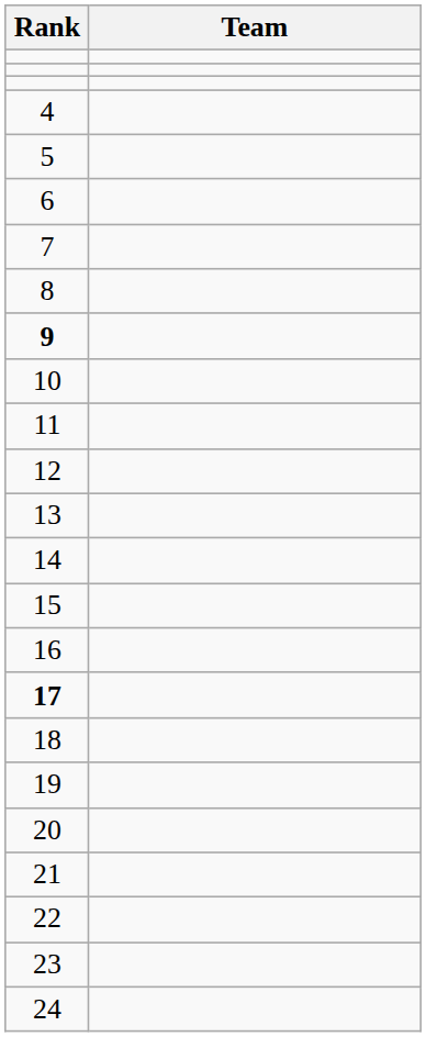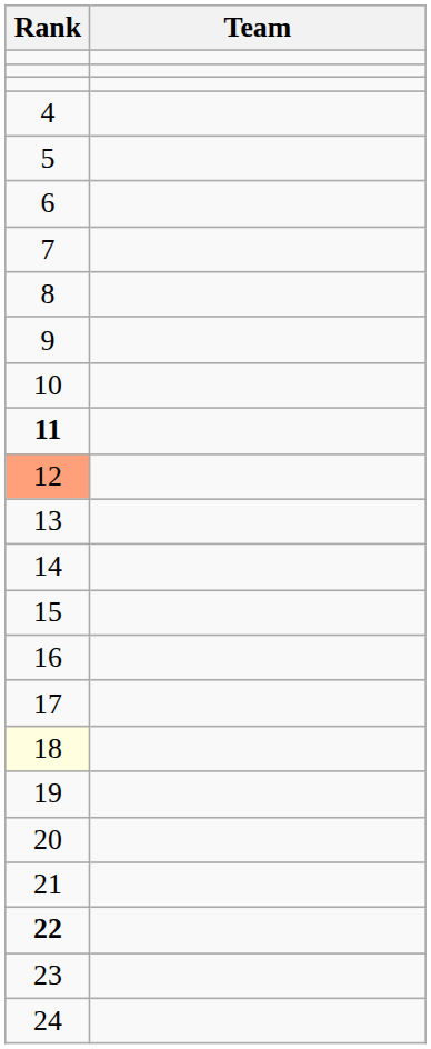 <table class="wikitable" style="text-align: center;">
 <tr>
 <th style="width: 40px;">Rank</th>
 <th style="width: 180px;">Team</th>
 </tr>
 <tr>
 <td></td>
 <td style="text-align: left;"></td>
 </tr>
 <tr>
 <td></td>
 <td style="text-align: left;"></td>
 </tr>
 <tr>
 <td></td>
 <td style="text-align: left;"></td>
 </tr>
 <tr>
 <td>4</td>
 <td style="text-align: left;"></td>
 </tr>
 <tr>
 <td>5</td>
 <td style="text-align: left;"></td>
 </tr>
 <tr>
 <td>6</td>
 <td style="text-align: left;"></td>
 </tr>
 <tr>
 <td>7</td>
 <td style="text-align: left;"></td>
 </tr>
 <tr>
 <td>8</td>
 <td style="text-align: left;"></td>
 </tr>
 <tr>
-<td><strong>9</strong></td>
+<td>9</td>
 <td style="text-align: left;"></td>
 </tr>
 <tr>
 <td>10</td>
 <td style="text-align: left;"></td>
 </tr>
 <tr>
-<td>11</td>
+<td><strong>11</strong></td>
 <td style="text-align: left;"></td>
 </tr>
 <tr>
-<td>12</td>
+<td style="background: lightsalmon;">12</td>
 <td style="text-align: left;"></td>
 </tr>
 <tr>
 <td>13</td>
 <td style="text-align: left;"></td>
 </tr>
 <tr>
 <td>14</td>
 <td style="text-align: left;"></td>
 </tr>
 <tr>
 <td>15</td>
 <td style="text-align: left;"></td>
 </tr>
 <tr>
 <td>16</td>
 <td style="text-align: left;"></td>
 </tr>
 <tr>
-<td><strong>17</strong></td>
+<td>17</td>
 <td style="text-align: left;"></td>
 </tr>
 <tr>
-<td>18</td>
+<td style="background: lightyellow;">18</td>
 <td style="text-align: left;"></td>
 </tr>
 <tr>
 <td>19</td>
 <td style="text-align: left;"></td>
 </tr>
 <tr>
 <td>20</td>
 <td style="text-align: left;"></td>
 </tr>
 <tr>
 <td>21</td>
 <td style="text-align: left;"></td>
 </tr>
 <tr>
-<td>22</td>
+<td><strong>22</strong></td>
 <td style="text-align: left;"></td>
 </tr>
 <tr>
 <td>23</td>
 <td style="text-align: left;"></td>
 </tr>
 <tr>
 <td>24</td>
 <td style="text-align: left;"></td>
 </tr>
 </table>
